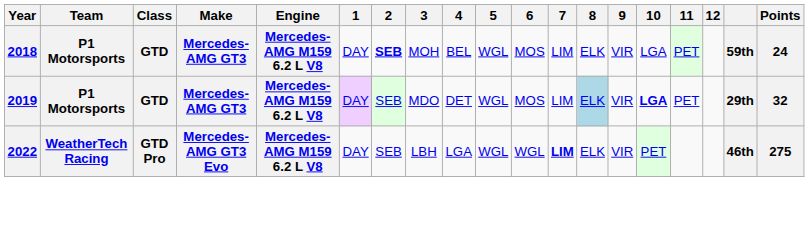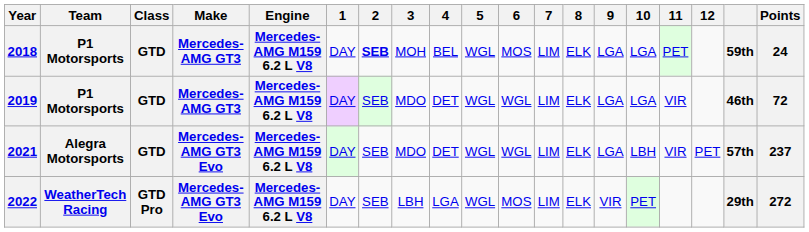 <table class="wikitable" style="text-align:center; font-size:90%">
 <tr>
 <th>Year</th>
 <th>Team</th>
 <th>Class</th>
 <th>Make</th>
 <th>Engine</th>
 <th>1</th>
 <th>2</th>
 <th>3</th>
 <th>4</th>
 <th>5</th>
 <th>6</th>
 <th>7</th>
 <th>8</th>
 <th>9</th>
 <th>10</th>
 <th>11</th>
 <th>12</th>
 <th></th>
 <th>Points</th>
 </tr>
 <tr>
 <th><a href='#'>2018</a></th>
 <th>P1 Motorsports</th>
 <th>GTD</th>
 <th><a href='#'>Mercedes-AMG GT3</a></th>
 <th><a href='#'>Mercedes-AMG M159</a> 6.2 L <a href='#'>V8</a></th>
 <td><a href='#'>DAY</a></td>
 <td><strong><a href='#'>SEB</a></strong></td>
 <td><a href='#'>MOH</a></td>
 <td><a href='#'>BEL</a></td>
 <td><a href='#'>WGL</a></td>
 <td><a href='#'>MOS</a></td>
 <td><a href='#'>LIM</a></td>
 <td><a href='#'>ELK</a></td>
-<td><a href='#'>VIR</a></td>
+<td><a href='#'>LGA</a></td>
 <td><a href='#'>LGA</a></td>
 <td style="background:#DFFFDF;"><a href='#'>PET</a><br></td>
 <td></td>
 <th>59th</th>
 <th>24</th>
 </tr>
 <tr>
 <th><a href='#'>2019</a></th>
 <th>P1 Motorsports</th>
 <th>GTD</th>
 <th><a href='#'>Mercedes-AMG GT3</a></th>
 <th><a href='#'>Mercedes-AMG M159</a> 6.2 L <a href='#'>V8</a></th>
 <td style="background:#EFCFFF;"><a href='#'>DAY</a><br></td>
 <td style="background:#DFFFDF;"><a href='#'>SEB</a><br></td>
 <td><a href='#'>MDO</a></td>
 <td><a href='#'>DET</a></td>
 <td><a href='#'>WGL</a></td>
-<td><a href='#'>MOS</a></td>
+<td><a href='#'>WGL</a></td>
 <td><a href='#'>LIM</a></td>
-<td style="background: lightblue;"><a href='#'>ELK</a></td>
+<td><a href='#'>ELK</a></td>
+<td><a href='#'>LGA</a></td>
+<td><a href='#'>LGA</a></td>
 <td><a href='#'>VIR</a></td>
-<td><strong><a href='#'>LGA</a></strong></td>
+<td></td>
+<th>46th</th>
+<th>72</th>
+</tr>
+<tr>
+<th><a href='#'>2021</a></th>
+<th>Alegra Motorsports</th>
+<th>GTD</th>
+<th><a href='#'>Mercedes-AMG GT3 Evo</a></th>
+<th><a href='#'>Mercedes-AMG M159</a> 6.2 L <a href='#'>V8</a></th>
+<td style="background:#DFFFDF;"><a href='#'>DAY</a><br></td>
+<td><a href='#'>SEB</a></td>
+<td><a href='#'>MDO</a></td>
+<td><a href='#'>DET</a></td>
+<td><a href='#'>WGL</a></td>
+<td><a href='#'>WGL</a></td>
+<td><a href='#'>LIM</a></td>
+<td><a href='#'>ELK</a></td>
+<td><a href='#'>LGA</a></td>
+<td><a href='#'>LBH</a></td>
+<td><a href='#'>VIR</a></td>
 <td><a href='#'>PET</a></td>
-<td></td>
-<th>29th</th>
-<th>32</th>
+<th>57th</th>
+<th>237</th>
 </tr>
 <tr>
 <th><a href='#'>2022</a></th>
 <th><a href='#'>WeatherTech Racing</a></th>
 <th>GTD Pro</th>
 <th><a href='#'>Mercedes-AMG GT3 Evo</a></th>
 <th><a href='#'>Mercedes-AMG M159</a> 6.2 L <a href='#'>V8</a></th>
 <td><a href='#'>DAY</a></td>
 <td><a href='#'>SEB</a></td>
 <td><a href='#'>LBH</a></td>
 <td><a href='#'>LGA</a></td>
 <td><a href='#'>WGL</a></td>
-<td><a href='#'>WGL</a></td>
-<td><strong><a href='#'>LIM</a></strong></td>
+<td><a href='#'>MOS</a></td>
+<td><a href='#'>LIM</a></td>
 <td style="background:#;”"><a href='#'>ELK</a></td>
 <td style="background:#;”"><a href='#'>VIR</a></td>
 <td style="background:#DFFFDF;"><a href='#'>PET</a><br></td>
 <td></td>
 <td></td>
-<th>46th</th>
-<th>275</th>
+<th>29th</th>
+<th>272</th>
 </tr>
 </table>
